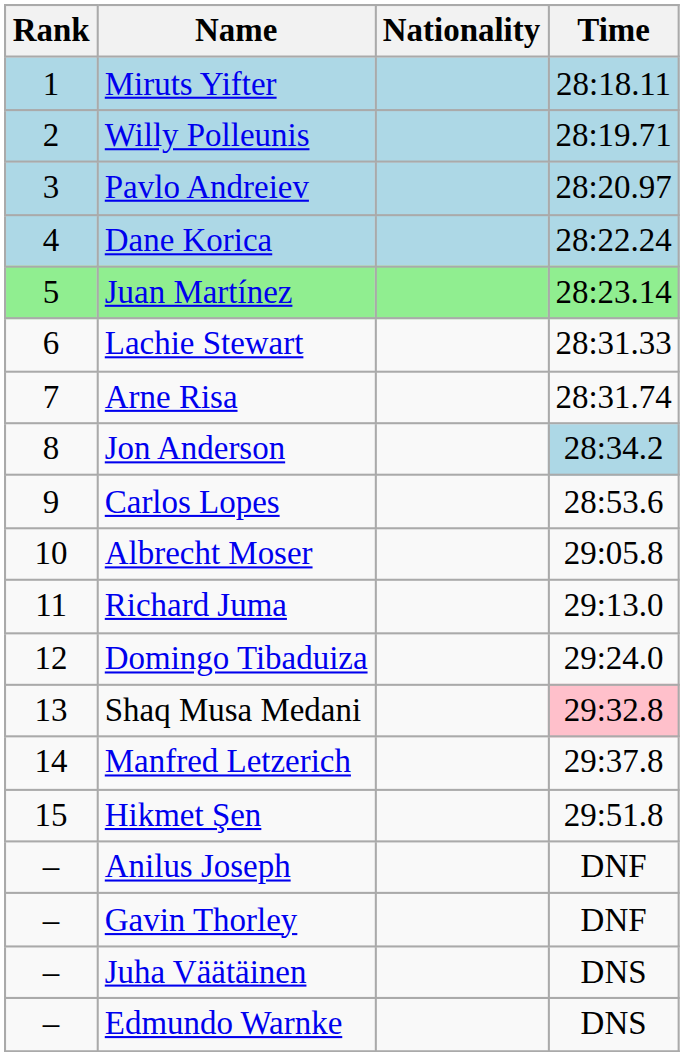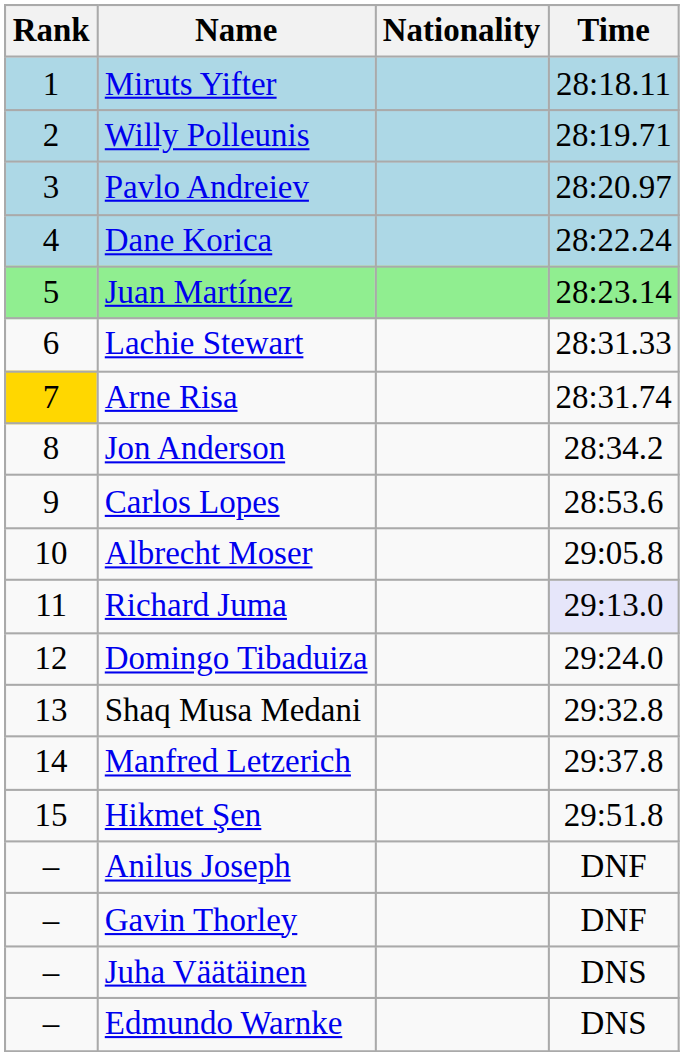 <table class="wikitable sortable" style="text-align:center">
 <tr>
 <th>Rank</th>
 <th>Name</th>
 <th>Nationality</th>
 <th>Time</th>
 </tr>
 <tr bgcolor=lightblue>
 <td>1</td>
 <td align=left><a href='#'>Miruts Yifter</a></td>
 <td align=left></td>
 <td>28:18.11</td>
 </tr>
 <tr bgcolor=lightblue>
 <td>2</td>
 <td align=left><a href='#'>Willy Polleunis</a></td>
 <td align=left></td>
 <td>28:19.71</td>
 </tr>
 <tr bgcolor=lightblue>
 <td>3</td>
 <td align=left><a href='#'>Pavlo Andreiev</a></td>
 <td align=left></td>
 <td>28:20.97</td>
 </tr>
 <tr bgcolor=lightblue>
 <td>4</td>
 <td align=left><a href='#'>Dane Korica</a></td>
 <td align=left></td>
 <td>28:22.24</td>
 </tr>
 <tr bgcolor=lightgreen>
 <td>5</td>
 <td align=left><a href='#'>Juan Martínez</a></td>
 <td align=left></td>
 <td>28:23.14</td>
 </tr>
 <tr>
 <td>6</td>
 <td align=left><a href='#'>Lachie Stewart</a></td>
 <td align=left></td>
 <td>28:31.33</td>
 </tr>
 <tr>
-<td>7</td>
+<td style="background: gold;">7</td>
 <td align=left><a href='#'>Arne Risa</a></td>
 <td align=left></td>
 <td>28:31.74</td>
 </tr>
 <tr>
 <td>8</td>
 <td align=left><a href='#'>Jon Anderson</a></td>
 <td align=left></td>
-<td style="background: lightblue;">28:34.2</td>
+<td>28:34.2</td>
 </tr>
 <tr>
 <td>9</td>
 <td align=left><a href='#'>Carlos Lopes</a></td>
 <td align=left></td>
 <td>28:53.6</td>
 </tr>
 <tr>
 <td>10</td>
 <td align=left><a href='#'>Albrecht Moser</a></td>
 <td align=left></td>
 <td>29:05.8</td>
 </tr>
 <tr>
 <td>11</td>
 <td align=left><a href='#'>Richard Juma</a></td>
 <td align=left></td>
-<td>29:13.0</td>
+<td style="background: lavender;">29:13.0</td>
 </tr>
 <tr>
 <td>12</td>
 <td align=left><a href='#'>Domingo Tibaduiza</a></td>
 <td align=left></td>
 <td>29:24.0</td>
 </tr>
 <tr>
 <td>13</td>
 <td align=left>Shaq Musa Medani</td>
 <td align=left></td>
-<td style="background: pink;">29:32.8</td>
+<td>29:32.8</td>
 </tr>
 <tr>
 <td>14</td>
 <td align=left><a href='#'>Manfred Letzerich</a></td>
 <td align=left></td>
 <td>29:37.8</td>
 </tr>
 <tr>
 <td>15</td>
 <td align=left><a href='#'>Hikmet Şen</a></td>
 <td align=left></td>
 <td>29:51.8</td>
 </tr>
 <tr>
 <td>–</td>
 <td align=left><a href='#'>Anilus Joseph</a></td>
 <td align=left></td>
 <td>DNF</td>
 </tr>
 <tr>
 <td>–</td>
 <td align=left><a href='#'>Gavin Thorley</a></td>
 <td align=left></td>
 <td>DNF</td>
 </tr>
 <tr>
 <td>–</td>
 <td align=left><a href='#'>Juha Väätäinen</a></td>
 <td align=left></td>
 <td>DNS</td>
 </tr>
 <tr>
 <td>–</td>
 <td align=left><a href='#'>Edmundo Warnke</a></td>
 <td align=left></td>
 <td>DNS</td>
 </tr>
 <tr>
 </tr>
 </table>
